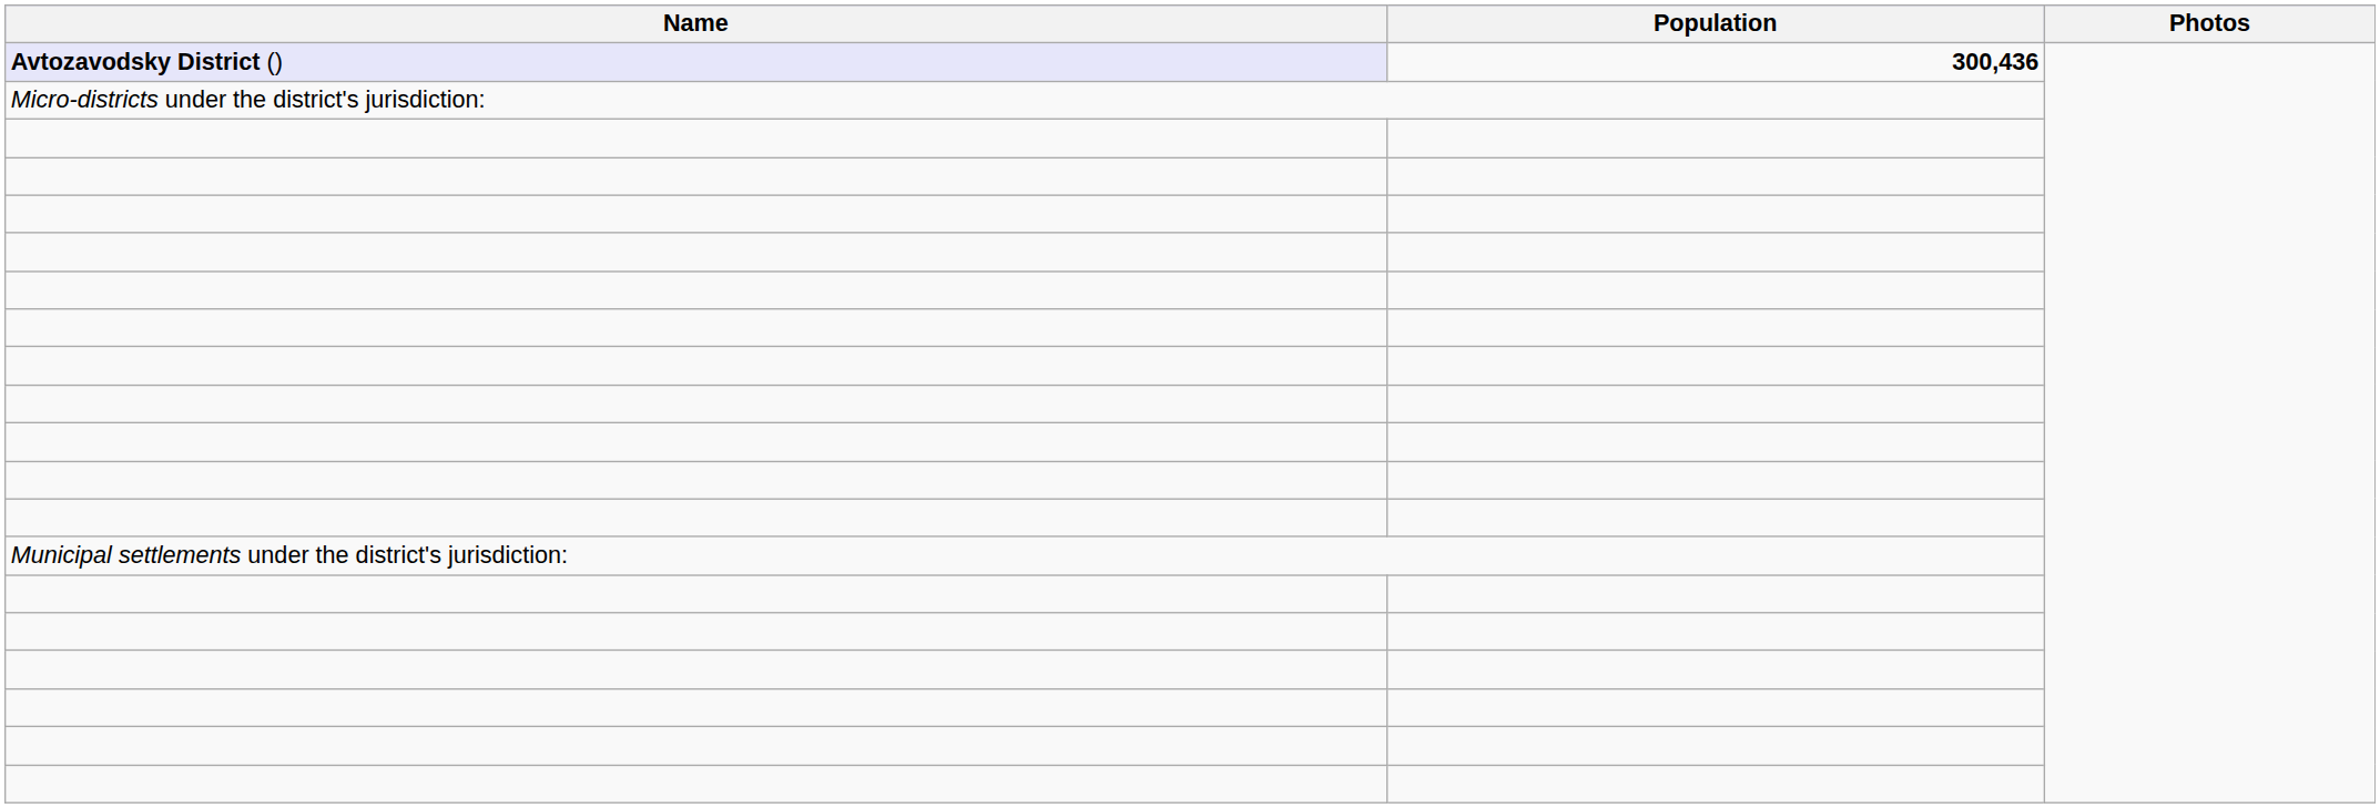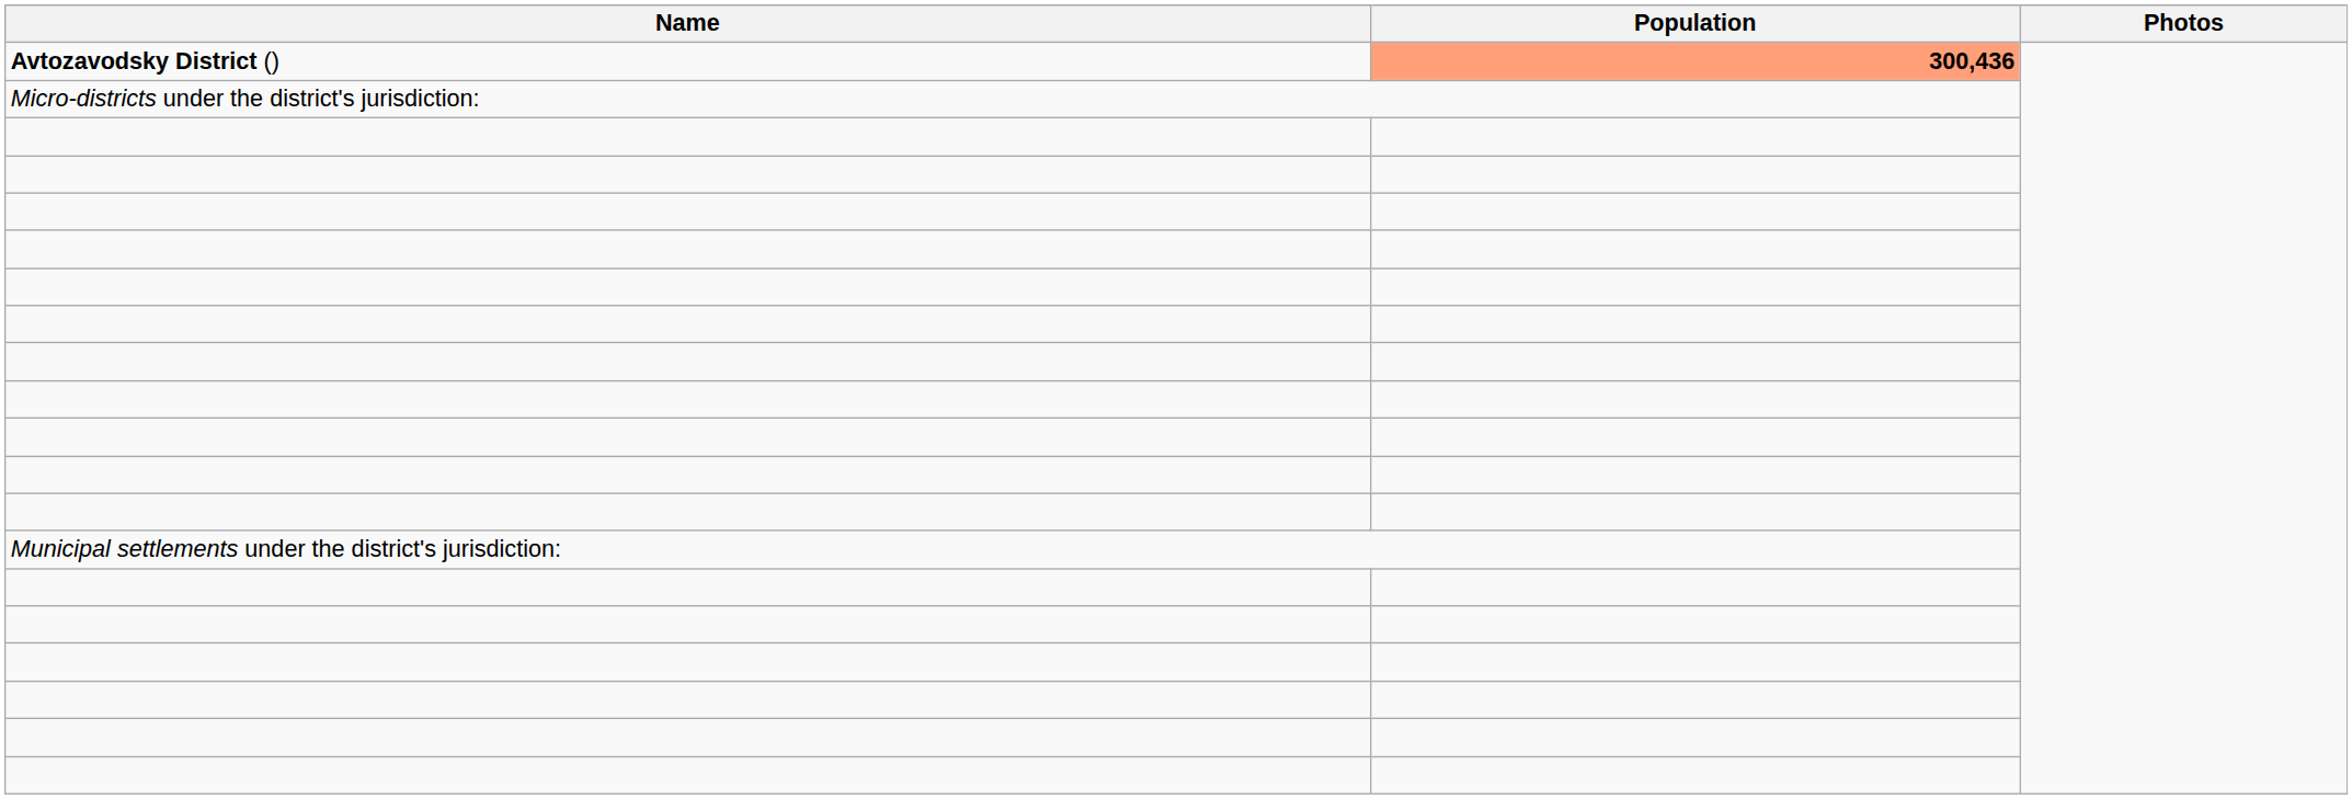 <table width=100% class="wikitable">
 <tr bgcolor="#CCCCFF" align="left">
 <th>Name</th>
 <th>Population</th>
 <th>Photos</th>
 </tr>
 <tr valign="top">
-<td style="background: lavender;"><strong>Avtozavodsky District</strong> ()</td>
-<td align="right"><strong>300,436</strong></td>
+<td><strong>Avtozavodsky District</strong> ()</td>
+<td align="right" style="background: lightsalmon;"><strong>300,436</strong></td>
 <td rowspan=20></td>
 </tr>
 <tr valign="top">
 <td colspan=2><em>Micro-districts</em> under the district's jurisdiction:</td>
 </tr>
 <tr>
 <td><br></td>
 <td align="right"></td>
 </tr>
 <tr>
 <td><br></td>
 <td align="right"></td>
 </tr>
 <tr>
 <td><br></td>
 <td align="right"></td>
 </tr>
 <tr>
 <td><br></td>
 <td align="right"></td>
 </tr>
 <tr>
 <td><br></td>
 <td align="right"></td>
 </tr>
 <tr>
 <td><br></td>
 <td align="right"></td>
 </tr>
 <tr>
 <td><br></td>
 <td align="right"></td>
 </tr>
 <tr>
 <td><br></td>
 <td align="right"></td>
 </tr>
 <tr>
 <td><br></td>
 <td align="right"></td>
 </tr>
 <tr>
 <td><br></td>
 <td align="right"></td>
 </tr>
 <tr>
 <td><br></td>
 <td align="right"></td>
 </tr>
 <tr valign="top">
 <td colspan=2><em>Municipal settlements</em> under the district's jurisdiction:</td>
 </tr>
 <tr>
 <td><br></td>
 <td align="right"></td>
 </tr>
 <tr>
 <td><br></td>
 <td align="right"></td>
 </tr>
 <tr>
 <td><br></td>
 <td align="right"></td>
 </tr>
 <tr>
 <td><br></td>
 <td align="right"></td>
 </tr>
 <tr>
 <td><br></td>
 <td align="right"></td>
 </tr>
 <tr>
 <td><br></td>
 <td align="right"></td>
 </tr>
 </table>
